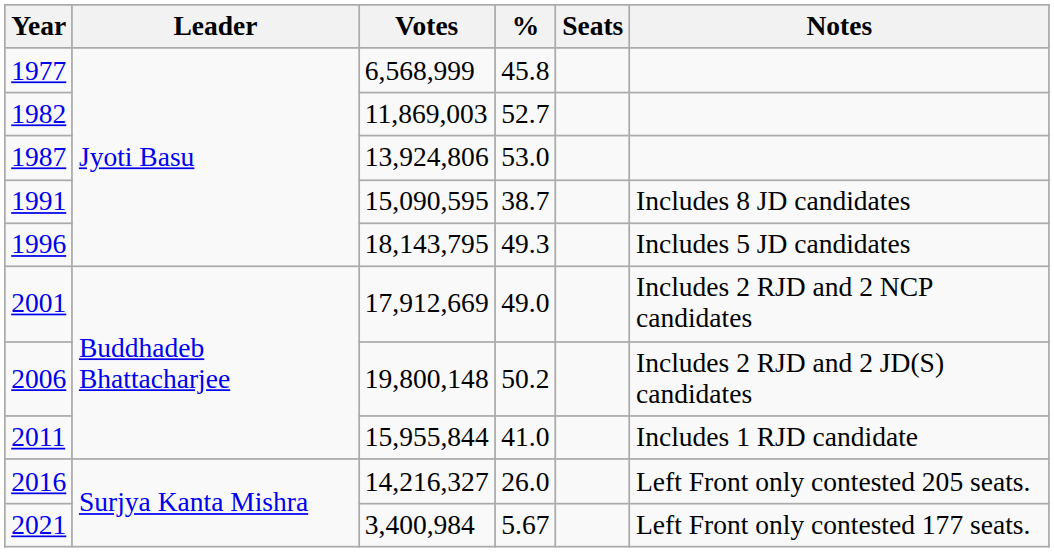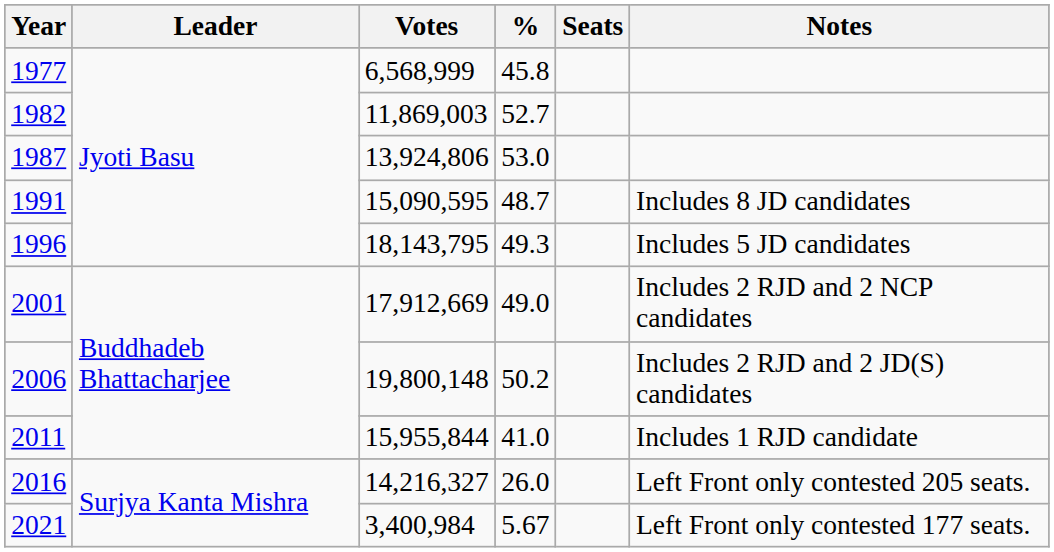 <table class="wikitable plainrowheaders sortable">
 <tr>
 <th Style="background-color:">Year</th>
 <th Style="background-color:">Leader</th>
 <th Style="background-color:">Votes</th>
 <th Style="background-color:">%</th>
 <th Style="background-color:">Seats</th>
 <th Style="background-color:">Notes</th>
 </tr>
 <tr>
 <td><a href='#'>1977</a></td>
 <td rowspan=5><a href='#'>Jyoti Basu</a></td>
 <td>6,568,999</td>
 <td>45.8</td>
 <td></td>
 <td></td>
 </tr>
 <tr>
 <td><a href='#'>1982</a></td>
 <td>11,869,003</td>
 <td>52.7</td>
 <td></td>
 <td></td>
 </tr>
 <tr>
 <td><a href='#'>1987</a></td>
 <td>13,924,806</td>
 <td>53.0</td>
 <td></td>
 <td></td>
 </tr>
 <tr>
 <td><a href='#'>1991</a></td>
 <td>15,090,595</td>
-<td>38.7</td>
+<td>48.7</td>
 <td></td>
 <td>Includes 8 JD candidates</td>
 </tr>
 <tr>
 <td><a href='#'>1996</a></td>
 <td>18,143,795</td>
 <td>49.3</td>
 <td></td>
 <td>Includes 5 JD candidates</td>
 </tr>
 <tr>
 <td><a href='#'>2001</a></td>
 <td rowspan=3><a href='#'>Buddhadeb Bhattacharjee</a></td>
 <td>17,912,669</td>
 <td>49.0</td>
 <td></td>
 <td>Includes 2 RJD and 2 NCP candidates</td>
 </tr>
 <tr>
 <td><a href='#'>2006</a></td>
 <td>19,800,148</td>
 <td>50.2</td>
 <td></td>
 <td>Includes 2 RJD and 2 JD(S) candidates</td>
 </tr>
 <tr>
 <td><a href='#'>2011</a></td>
 <td>15,955,844</td>
 <td>41.0</td>
 <td></td>
 <td>Includes 1 RJD candidate</td>
 </tr>
 <tr>
 <td><a href='#'>2016</a></td>
 <td rowspan=2><a href='#'>Surjya Kanta Mishra</a></td>
 <td>14,216,327</td>
 <td>26.0</td>
 <td></td>
 <td>Left Front only contested 205 seats.</td>
 </tr>
 <tr>
 <td><a href='#'>2021</a></td>
 <td>3,400,984</td>
 <td>5.67</td>
 <td></td>
 <td>Left Front only contested 177 seats.</td>
 </tr>
 </table>
